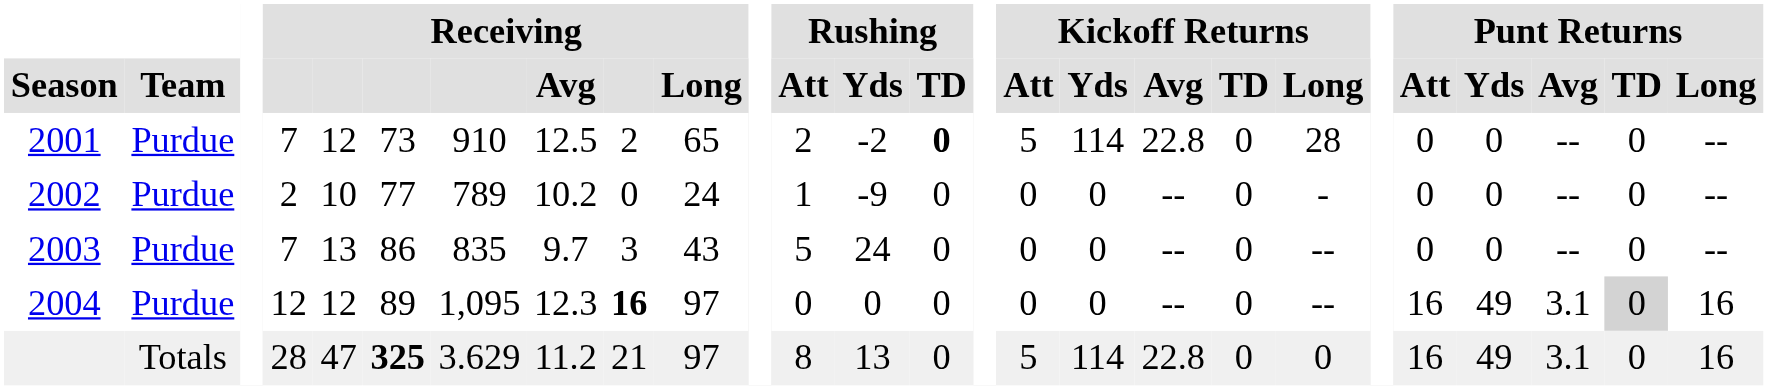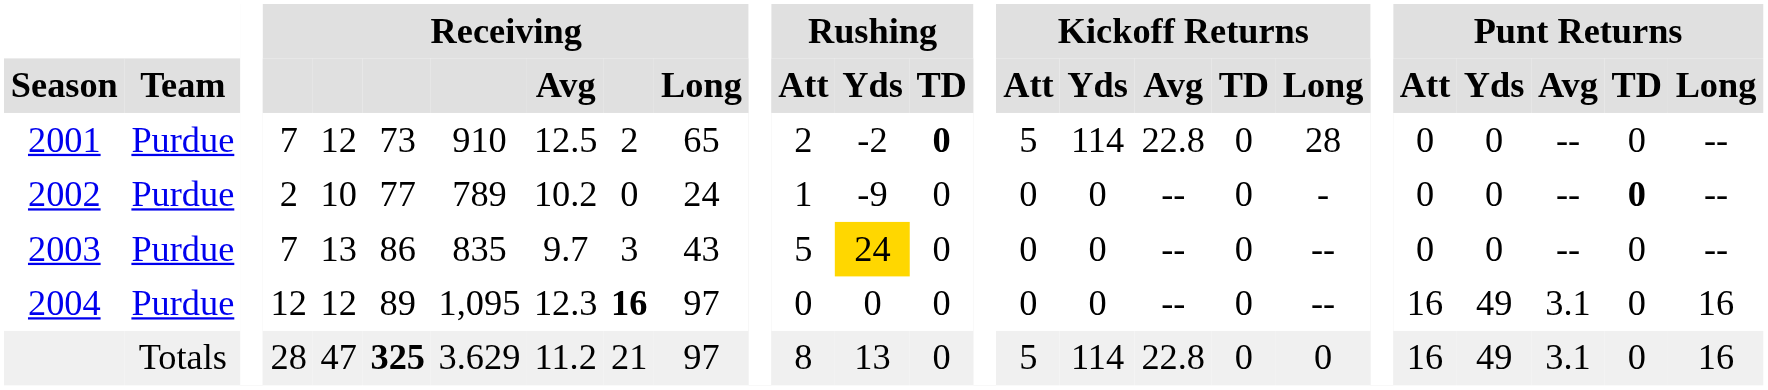 <table border="0" cellpadding="3" cellspacing="0" style="text-align:center">
 <tr style="background:#e0e0e0;">
 <th colspan="2" style="text-align:center; background:White;"> </th>
 <th rowspan="99" style="text-align:center; background:White;"> </th>
 <th colspan="7">Receiving</th>
 <th rowspan="99" style="text-align:center; background:White;"> </th>
 <th colspan="3">Rushing</th>
 <th rowspan="99" style="text-align:center; background:White;"> </th>
 <th colspan="5">Kickoff Returns</th>
 <th rowspan="99" style="text-align:center; background:White;"> </th>
 <th colspan="5">Punt Returns</th>
 </tr>
 <tr style="background:#e0e0e0;">
 <th>Season</th>
 <th>Team</th>
 <th></th>
 <th></th>
 <th></th>
 <th></th>
 <th>Avg</th>
 <th></th>
 <th>Long</th>
 <th>Att</th>
 <th>Yds</th>
 <th>TD</th>
 <th>Att</th>
 <th>Yds</th>
 <th>Avg</th>
 <th>TD</th>
 <th>Long</th>
 <th>Att</th>
 <th>Yds</th>
 <th>Avg</th>
 <th>TD</th>
 <th>Long</th>
 </tr>
 <tr>
 <td><a href='#'>2001</a></td>
 <td><a href='#'>Purdue</a></td>
 <td>7</td>
 <td>12</td>
 <td>73</td>
 <td>910</td>
 <td>12.5</td>
 <td>2</td>
 <td>65</td>
 <td>2</td>
 <td>-2</td>
 <td><strong>0</strong></td>
 <td>5</td>
 <td>114</td>
 <td>22.8</td>
 <td>0</td>
 <td>28</td>
 <td>0</td>
 <td>0</td>
 <td>--</td>
 <td>0</td>
 <td>--</td>
 </tr>
 <tr>
 <td><a href='#'>2002</a></td>
 <td><a href='#'>Purdue</a></td>
 <td>2</td>
 <td>10</td>
 <td>77</td>
 <td>789</td>
 <td>10.2</td>
 <td>0</td>
 <td>24</td>
 <td>1</td>
 <td>-9</td>
 <td>0</td>
 <td>0</td>
 <td>0</td>
 <td>--</td>
 <td>0</td>
 <td>-</td>
 <td>0</td>
 <td>0</td>
 <td>--</td>
-<td>0</td>
+<td><strong>0</strong></td>
 <td>--</td>
 </tr>
 <tr>
 <td><a href='#'>2003</a></td>
 <td><a href='#'>Purdue</a></td>
 <td>7</td>
 <td>13</td>
 <td>86</td>
 <td>835</td>
 <td>9.7</td>
 <td>3</td>
 <td>43</td>
 <td>5</td>
-<td>24</td>
+<td style="background: gold;">24</td>
 <td>0</td>
 <td>0</td>
 <td>0</td>
 <td>--</td>
 <td>0</td>
 <td>--</td>
 <td>0</td>
 <td>0</td>
 <td>--</td>
 <td>0</td>
 <td>--</td>
 </tr>
 <tr>
 <td><a href='#'>2004</a></td>
 <td><a href='#'>Purdue</a></td>
 <td>12</td>
 <td>12</td>
 <td>89</td>
 <td>1,095</td>
 <td>12.3</td>
 <td><strong>16</strong></td>
 <td>97</td>
 <td>0</td>
 <td>0</td>
 <td>0</td>
 <td>0</td>
 <td>0</td>
 <td>--</td>
 <td>0</td>
 <td>--</td>
 <td>16</td>
 <td>49</td>
 <td>3.1</td>
-<td style="background: lightgrey;">0</td>
+<td>0</td>
 <td>16</td>
 </tr>
 <tr style="text-align:center; background:#f0f0f0;">
 <td></td>
 <td>Totals</td>
 <td>28</td>
 <td>47</td>
 <td><strong>325</strong></td>
 <td>3.629</td>
 <td>11.2</td>
 <td>21</td>
 <td>97</td>
 <td>8</td>
 <td>13</td>
 <td>0</td>
 <td>5</td>
 <td>114</td>
 <td>22.8</td>
 <td>0</td>
 <td>0</td>
 <td>16</td>
 <td>49</td>
 <td>3.1</td>
 <td>0</td>
 <td>16</td>
 </tr>
 <tr>
 </tr>
 </table>
